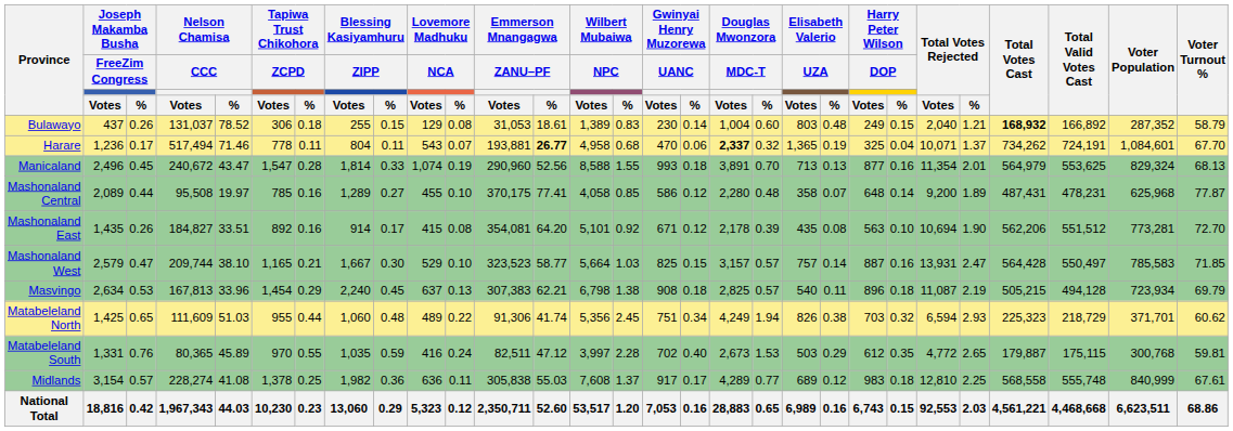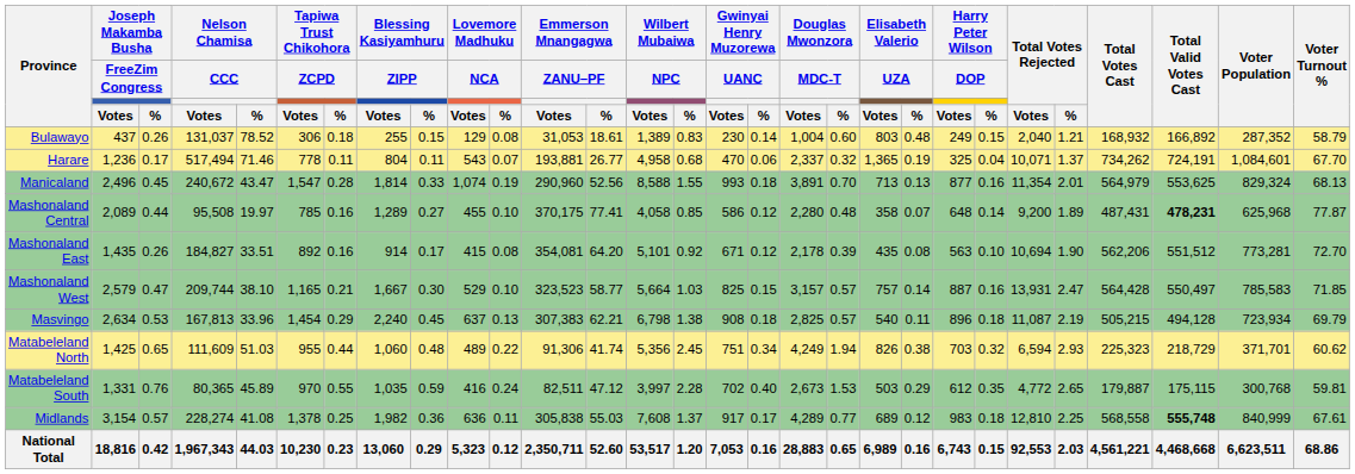 <table class="wikitable sortable sort-under" style="text-align:right;font-size:90%;line-height:1.2">
 <tr>
 <th rowspan="4">Province</th>
 <th colspan="2"><a href='#'>Joseph Makamba Busha</a></th>
 <th colspan="2"><a href='#'>Nelson Chamisa</a></th>
 <th colspan="2"><a href='#'>Tapiwa Trust Chikohora</a></th>
 <th colspan="2"><a href='#'>Blessing Kasiyamhuru</a></th>
 <th colspan="2"><a href='#'>Lovemore Madhuku</a></th>
 <th colspan="2"><a href='#'>Emmerson Mnangagwa</a></th>
 <th colspan="2"><a href='#'>Wilbert Mubaiwa</a></th>
 <th colspan="2"><a href='#'>Gwinyai Henry Muzorewa</a></th>
 <th colspan="2"><a href='#'>Douglas Mwonzora</a></th>
 <th colspan="2"><a href='#'>Elisabeth Valerio</a></th>
 <th colspan="2"><a href='#'>Harry Peter Wilson</a></th>
 <th colspan="2" rowspan="3">Total Votes Rejected</th>
 <th rowspan="4">Total Votes Cast</th>
 <th rowspan="4">Total Valid Votes Cast</th>
 <th rowspan="4">Voter Population</th>
 <th rowspan="4">Voter Turnout %</th>
 </tr>
 <tr>
 <th colspan="2"><a href='#'>FreeZim Congress</a></th>
 <th colspan="2"><a href='#'>CCC</a></th>
 <th colspan="2"><a href='#'>ZCPD</a></th>
 <th colspan="2"><a href='#'>ZIPP</a></th>
 <th colspan="2"><a href='#'>NCA</a></th>
 <th colspan="2"><a href='#'>ZANU–PF</a></th>
 <th colspan="2"><a href='#'>NPC</a></th>
 <th colspan="2"><a href='#'>UANC</a></th>
 <th colspan="2"><a href='#'>MDC-T</a></th>
 <th colspan="2"><a href='#'>UZA</a></th>
 <th colspan="2"><a href='#'>DOP</a></th>
 </tr>
 <tr>
 <th colspan="2" style="background:#365FAE;"></th>
 <th colspan="2" style="background:"></th>
 <th colspan="2" style="background:#C65F38;"></th>
 <th colspan="2" style="background:#1C49A6;"></th>
 <th colspan="2" style="background:#EA6646;"></th>
 <th colspan="2" style="background:"></th>
 <th colspan="2" style="background:#914D72;"></th>
 <th colspan="2" style="background:"></th>
 <th colspan="2" style="background:"></th>
 <th colspan="2" style="background:#78573E;"></th>
 <th colspan="2" style="background:#ffd203;"></th>
 </tr>
 <tr>
 <th>Votes</th>
 <th>%</th>
 <th>Votes</th>
 <th>%</th>
 <th>Votes</th>
 <th>%</th>
 <th>Votes</th>
 <th>%</th>
 <th>Votes</th>
 <th>%</th>
 <th>Votes</th>
 <th>%</th>
 <th>Votes</th>
 <th>%</th>
 <th>Votes</th>
 <th>%</th>
 <th>Votes</th>
 <th>%</th>
 <th>Votes</th>
 <th>%</th>
 <th>Votes</th>
 <th>%</th>
 <th>Votes</th>
 <th>%</th>
 </tr>
 <tr bgcolor=fcf094>
 <td><a href='#'>Bulawayo</a></td>
 <td>437</td>
 <td>0.26</td>
 <td>131,037</td>
 <td>78.52</td>
 <td>306</td>
 <td>0.18</td>
 <td>255</td>
 <td>0.15</td>
 <td>129</td>
 <td>0.08</td>
 <td>31,053</td>
 <td>18.61</td>
 <td>1,389</td>
 <td>0.83</td>
 <td>230</td>
 <td>0.14</td>
 <td>1,004</td>
 <td>0.60</td>
 <td>803</td>
 <td>0.48</td>
 <td>249</td>
 <td>0.15</td>
 <td>2,040</td>
 <td>1.21</td>
-<td><strong>168,932</strong></td>
+<td>168,932</td>
 <td>166,892</td>
 <td>287,352</td>
 <td>58.79</td>
 </tr>
 <tr bgcolor=fcf094>
 <td><a href='#'>Harare</a></td>
 <td>1,236</td>
 <td>0.17</td>
 <td>517,494</td>
 <td>71.46</td>
 <td>778</td>
 <td>0.11</td>
 <td>804</td>
 <td>0.11</td>
 <td>543</td>
 <td>0.07</td>
 <td>193,881</td>
-<td><strong>26.77</strong></td>
+<td>26.77</td>
 <td>4,958</td>
 <td>0.68</td>
 <td>470</td>
 <td>0.06</td>
-<td><strong>2,337</strong></td>
+<td>2,337</td>
 <td>0.32</td>
 <td>1,365</td>
 <td>0.19</td>
 <td>325</td>
 <td>0.04</td>
 <td>10,071</td>
 <td>1.37</td>
 <td>734,262</td>
 <td>724,191</td>
 <td>1,084,601</td>
 <td>67.70</td>
 </tr>
 <tr bgcolor=#99cc99>
 <td><a href='#'>Manicaland</a></td>
 <td>2,496</td>
 <td>0.45</td>
 <td>240,672</td>
 <td>43.47</td>
 <td>1,547</td>
 <td>0.28</td>
 <td>1,814</td>
 <td>0.33</td>
 <td>1,074</td>
 <td>0.19</td>
 <td>290,960</td>
 <td>52.56</td>
 <td>8,588</td>
 <td>1.55</td>
 <td>993</td>
 <td>0.18</td>
 <td>3,891</td>
 <td>0.70</td>
 <td>713</td>
 <td>0.13</td>
 <td>877</td>
 <td>0.16</td>
 <td>11,354</td>
 <td>2.01</td>
 <td>564,979</td>
 <td>553,625</td>
 <td>829,324</td>
 <td>68.13</td>
 </tr>
 <tr bgcolor=#99cc99>
 <td><a href='#'>Mashonaland Central</a></td>
 <td>2,089</td>
 <td>0.44</td>
 <td>95,508</td>
 <td>19.97</td>
 <td>785</td>
 <td>0.16</td>
 <td>1,289</td>
 <td>0.27</td>
 <td>455</td>
 <td>0.10</td>
 <td>370,175</td>
 <td>77.41</td>
 <td>4,058</td>
 <td>0.85</td>
 <td>586</td>
 <td>0.12</td>
 <td>2,280</td>
 <td>0.48</td>
 <td>358</td>
 <td>0.07</td>
 <td>648</td>
 <td>0.14</td>
 <td>9,200</td>
 <td>1.89</td>
 <td>487,431</td>
-<td>478,231</td>
+<td><strong>478,231</strong></td>
 <td>625,968</td>
 <td>77.87</td>
 </tr>
 <tr bgcolor=#99cc99>
 <td><a href='#'>Mashonaland East</a></td>
 <td>1,435</td>
 <td>0.26</td>
 <td>184,827</td>
 <td>33.51</td>
 <td>892</td>
 <td>0.16</td>
 <td>914</td>
 <td>0.17</td>
 <td>415</td>
 <td>0.08</td>
 <td>354,081</td>
 <td>64.20</td>
 <td>5,101</td>
 <td>0.92</td>
 <td>671</td>
 <td>0.12</td>
 <td>2,178</td>
 <td>0.39</td>
 <td>435</td>
 <td>0.08</td>
 <td>563</td>
 <td>0.10</td>
 <td>10,694</td>
 <td>1.90</td>
 <td>562,206</td>
 <td>551,512</td>
 <td>773,281</td>
 <td>72.70</td>
 </tr>
 <tr bgcolor=#99cc99>
 <td><a href='#'>Mashonaland West</a></td>
 <td>2,579</td>
 <td>0.47</td>
 <td>209,744</td>
 <td>38.10</td>
 <td>1,165</td>
 <td>0.21</td>
 <td>1,667</td>
 <td>0.30</td>
 <td>529</td>
 <td>0.10</td>
 <td>323,523</td>
 <td>58.77</td>
 <td>5,664</td>
 <td>1.03</td>
 <td>825</td>
 <td>0.15</td>
 <td>3,157</td>
 <td>0.57</td>
 <td>757</td>
 <td>0.14</td>
 <td>887</td>
 <td>0.16</td>
 <td>13,931</td>
 <td>2.47</td>
 <td>564,428</td>
 <td>550,497</td>
 <td>785,583</td>
 <td>71.85</td>
 </tr>
 <tr bgcolor=#99cc99>
 <td><a href='#'>Masvingo</a></td>
 <td>2,634</td>
 <td>0.53</td>
 <td>167,813</td>
 <td>33.96</td>
 <td>1,454</td>
 <td>0.29</td>
 <td>2,240</td>
 <td>0.45</td>
 <td>637</td>
 <td>0.13</td>
 <td>307,383</td>
 <td>62.21</td>
 <td>6,798</td>
 <td>1.38</td>
 <td>908</td>
 <td>0.18</td>
 <td>2,825</td>
 <td>0.57</td>
 <td>540</td>
 <td>0.11</td>
 <td>896</td>
 <td>0.18</td>
 <td>11,087</td>
 <td>2.19</td>
 <td>505,215</td>
 <td>494,128</td>
 <td>723,934</td>
 <td>69.79</td>
 </tr>
 <tr bgcolor=fcf094>
 <td><a href='#'>Matabeleland North</a></td>
 <td>1,425</td>
 <td>0.65</td>
 <td>111,609</td>
 <td>51.03</td>
 <td>955</td>
 <td>0.44</td>
 <td>1,060</td>
 <td>0.48</td>
 <td>489</td>
 <td>0.22</td>
 <td>91,306</td>
 <td>41.74</td>
 <td>5,356</td>
 <td>2.45</td>
 <td>751</td>
 <td>0.34</td>
 <td>4,249</td>
 <td>1.94</td>
 <td>826</td>
 <td>0.38</td>
 <td>703</td>
 <td>0.32</td>
 <td>6,594</td>
 <td>2.93</td>
 <td>225,323</td>
 <td>218,729</td>
 <td>371,701</td>
 <td>60.62</td>
 </tr>
 <tr bgcolor=#99cc99>
 <td><a href='#'>Matabeleland South</a></td>
 <td>1,331</td>
 <td>0.76</td>
 <td>80,365</td>
 <td>45.89</td>
 <td>970</td>
 <td>0.55</td>
 <td>1,035</td>
 <td>0.59</td>
 <td>416</td>
 <td>0.24</td>
 <td>82,511</td>
 <td>47.12</td>
 <td>3,997</td>
 <td>2.28</td>
 <td>702</td>
 <td>0.40</td>
 <td>2,673</td>
 <td>1.53</td>
 <td>503</td>
 <td>0.29</td>
 <td>612</td>
 <td>0.35</td>
 <td>4,772</td>
 <td>2.65</td>
 <td>179,887</td>
 <td>175,115</td>
 <td>300,768</td>
 <td>59.81</td>
 </tr>
 <tr bgcolor=#99cc99>
 <td><a href='#'>Midlands</a></td>
 <td>3,154</td>
 <td>0.57</td>
 <td>228,274</td>
 <td>41.08</td>
 <td>1,378</td>
 <td>0.25</td>
 <td>1,982</td>
 <td>0.36</td>
 <td>636</td>
 <td>0.11</td>
 <td>305,838</td>
 <td>55.03</td>
 <td>7,608</td>
 <td>1.37</td>
 <td>917</td>
 <td>0.17</td>
 <td>4,289</td>
 <td>0.77</td>
 <td>689</td>
 <td>0.12</td>
 <td>983</td>
 <td>0.18</td>
 <td>12,810</td>
 <td>2.25</td>
 <td>568,558</td>
-<td>555,748</td>
+<td><strong>555,748</strong></td>
 <td>840,999</td>
 <td>67.61</td>
 </tr>
 <tr>
 <th>National Total</th>
 <th>18,816</th>
 <th>0.42</th>
 <th>1,967,343</th>
 <th>44.03</th>
 <th>10,230</th>
 <th>0.23</th>
 <th>13,060</th>
 <th>0.29</th>
 <th>5,323</th>
 <th>0.12</th>
 <th>2,350,711</th>
 <th>52.60</th>
 <th>53,517</th>
 <th>1.20</th>
 <th>7,053</th>
 <th>0.16</th>
 <th>28,883</th>
 <th>0.65</th>
 <th>6,989</th>
 <th>0.16</th>
 <th>6,743</th>
 <th>0.15</th>
 <th>92,553</th>
 <th>2.03</th>
 <th>4,561,221</th>
 <th>4,468,668</th>
 <th>6,623,511</th>
 <th>68.86</th>
 </tr>
 </table>
